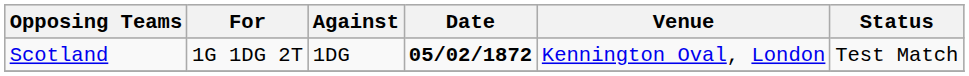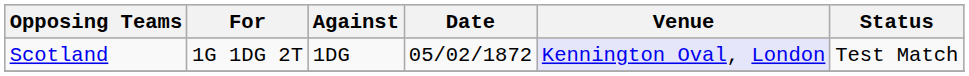 <table class="wikitable">
 <tr>
 <th>Opposing Teams</th>
 <th>For</th>
 <th>Against</th>
 <th>Date</th>
 <th>Venue</th>
 <th>Status</th>
 </tr>
 <tr>
 <td><a href='#'>Scotland</a></td>
 <td>1G 1DG 2T</td>
 <td>1DG</td>
-<td><strong>05/02/1872</strong></td>
-<td><a href='#'>Kennington Oval</a>, <a href='#'>London</a></td>
+<td>05/02/1872</td>
+<td style="background: lavender;"><a href='#'>Kennington Oval</a>, <a href='#'>London</a></td>
 <td>Test Match</td>
 </tr>
 <tr>
 </tr>
 </table>
